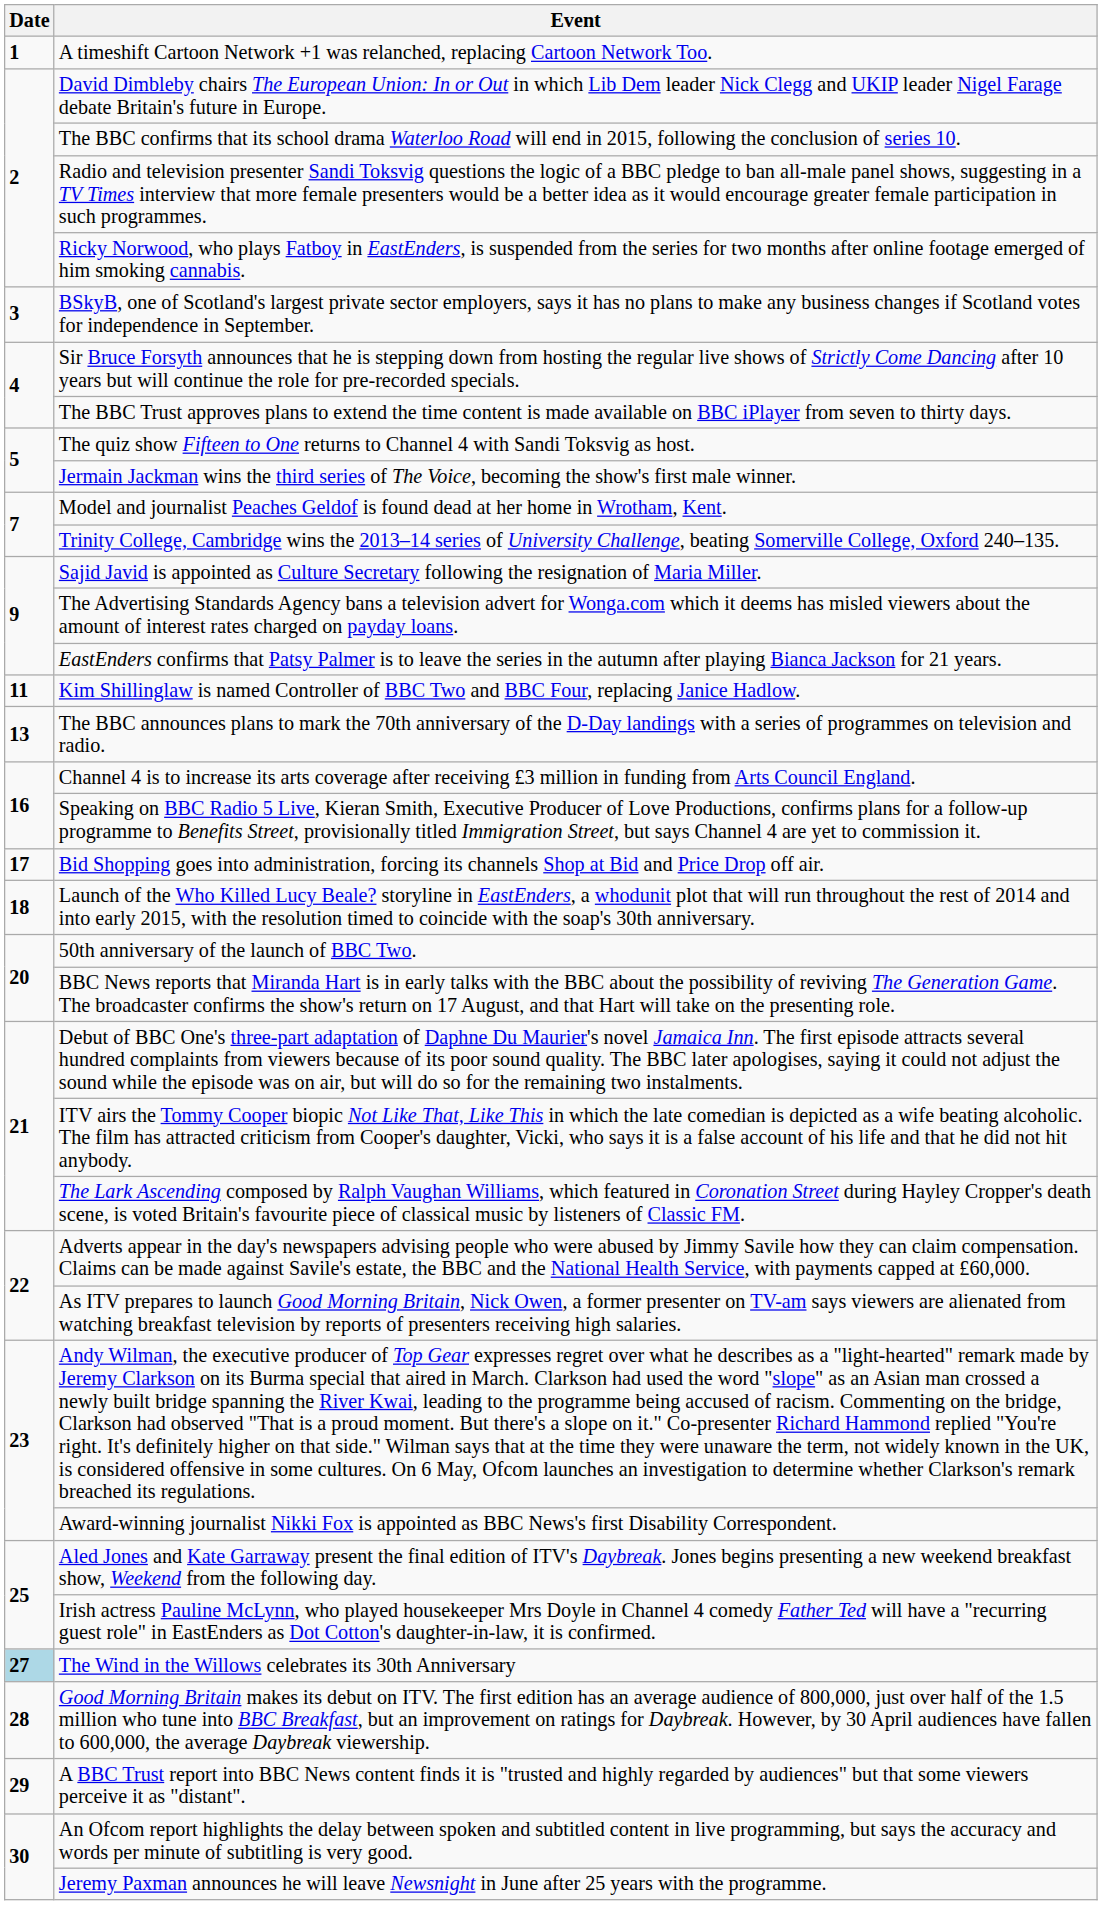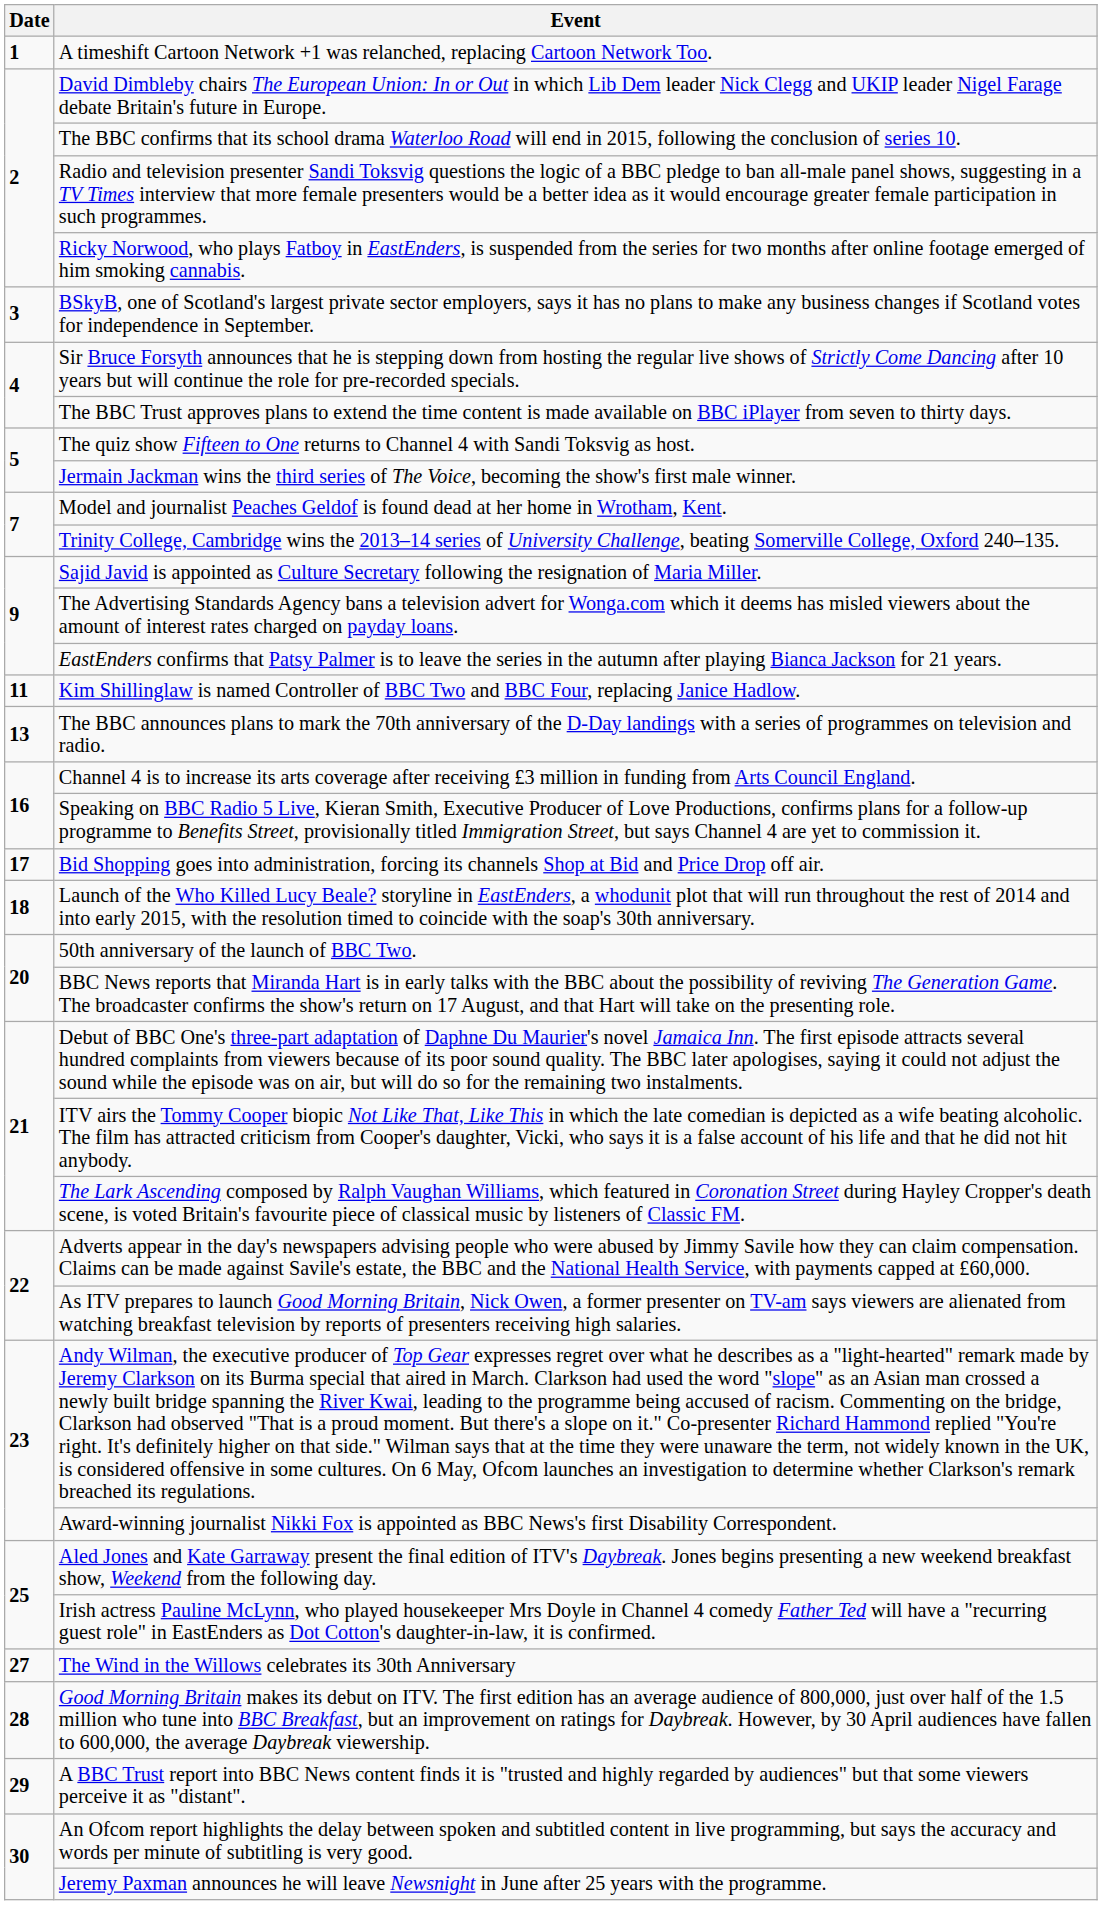 <table class="wikitable">
 <tr>
 <th>Date</th>
 <th>Event</th>
 </tr>
 <tr>
 <td><strong>1</strong></td>
 <td>A timeshift Cartoon Network +1 was relanched, replacing <a href='#'>Cartoon Network Too</a>.</td>
 </tr>
 <tr>
 <td rowspan=4><strong>2</strong></td>
 <td><a href='#'>David Dimbleby</a> chairs <em><a href='#'>The European Union: In or Out</a></em> in which <a href='#'>Lib Dem</a> leader <a href='#'>Nick Clegg</a> and <a href='#'>UKIP</a> leader <a href='#'>Nigel Farage</a> debate Britain's future in Europe.</td>
 </tr>
 <tr>
 <td>The BBC confirms that its school drama <em><a href='#'>Waterloo Road</a></em> will end in 2015, following the conclusion of <a href='#'>series 10</a>.</td>
 </tr>
 <tr>
 <td>Radio and television presenter <a href='#'>Sandi Toksvig</a> questions the logic of a BBC pledge to ban all-male panel shows, suggesting in a <em><a href='#'>TV Times</a></em> interview that more female presenters would be a better idea as it would encourage greater female participation in such programmes.</td>
 </tr>
 <tr>
 <td><a href='#'>Ricky Norwood</a>, who plays <a href='#'>Fatboy</a> in <em><a href='#'>EastEnders</a></em>, is suspended from the series for two months after online footage emerged of him smoking <a href='#'>cannabis</a>.</td>
 </tr>
 <tr>
 <td><strong>3</strong></td>
 <td><a href='#'>BSkyB</a>, one of Scotland's largest private sector employers, says it has no plans to make any business changes if Scotland votes for independence in September.</td>
 </tr>
 <tr>
 <td rowspan=2><strong>4</strong></td>
 <td>Sir <a href='#'>Bruce Forsyth</a> announces that he is stepping down from hosting the regular live shows of <em><a href='#'>Strictly Come Dancing</a></em> after 10 years but will continue the role for pre-recorded specials.</td>
 </tr>
 <tr>
 <td>The BBC Trust approves plans to extend the time content is made available on <a href='#'>BBC iPlayer</a> from seven to thirty days.</td>
 </tr>
 <tr>
 <td rowspan=2><strong>5</strong></td>
 <td>The quiz show <em><a href='#'>Fifteen to One</a></em> returns to Channel 4 with Sandi Toksvig as host.</td>
 </tr>
 <tr>
 <td><a href='#'>Jermain Jackman</a> wins the <a href='#'>third series</a> of <em>The Voice</em>, becoming the show's first male winner.</td>
 </tr>
 <tr>
 <td rowspan=2><strong>7</strong></td>
 <td>Model and journalist <a href='#'>Peaches Geldof</a> is found dead at her home in <a href='#'>Wrotham</a>, <a href='#'>Kent</a>.</td>
 </tr>
 <tr>
 <td><a href='#'>Trinity College, Cambridge</a> wins the <a href='#'>2013–14 series</a> of <em><a href='#'>University Challenge</a></em>, beating <a href='#'>Somerville College, Oxford</a> 240–135.</td>
 </tr>
 <tr>
 <td rowspan=3><strong>9</strong></td>
 <td><a href='#'>Sajid Javid</a> is appointed as <a href='#'>Culture Secretary</a> following the resignation of <a href='#'>Maria Miller</a>.</td>
 </tr>
 <tr>
 <td>The Advertising Standards Agency bans a television advert for <a href='#'>Wonga.com</a> which it deems has misled viewers about the amount of interest rates charged on <a href='#'>payday loans</a>.</td>
 </tr>
 <tr>
 <td><em>EastEnders</em> confirms that <a href='#'>Patsy Palmer</a> is to leave the series in the autumn after playing <a href='#'>Bianca Jackson</a> for 21 years.</td>
 </tr>
 <tr>
 <td><strong>11</strong></td>
 <td><a href='#'>Kim Shillinglaw</a> is named Controller of <a href='#'>BBC Two</a> and <a href='#'>BBC Four</a>, replacing <a href='#'>Janice Hadlow</a>.</td>
 </tr>
 <tr>
 <td><strong>13</strong></td>
 <td>The BBC announces plans to mark the 70th anniversary of the <a href='#'>D-Day landings</a> with a series of programmes on television and radio.</td>
 </tr>
 <tr>
 <td rowspan=2><strong>16</strong></td>
 <td>Channel 4 is to increase its arts coverage after receiving £3 million in funding from <a href='#'>Arts Council England</a>.</td>
 </tr>
 <tr>
 <td>Speaking on <a href='#'>BBC Radio 5 Live</a>, Kieran Smith, Executive Producer of Love Productions, confirms plans for a follow-up programme to <em>Benefits Street</em>, provisionally titled <em>Immigration Street</em>, but says Channel 4 are yet to commission it.</td>
 </tr>
 <tr>
 <td><strong>17</strong></td>
 <td><a href='#'>Bid Shopping</a> goes into administration, forcing its channels <a href='#'>Shop at Bid</a> and <a href='#'>Price Drop</a> off air.</td>
 </tr>
 <tr>
 <td><strong>18</strong></td>
 <td>Launch of the <a href='#'>Who Killed Lucy Beale?</a> storyline in <em><a href='#'>EastEnders</a></em>, a <a href='#'>whodunit</a> plot that will run throughout the rest of 2014 and into early 2015, with the resolution timed to coincide with the soap's 30th anniversary.</td>
 </tr>
 <tr>
 <td rowspan=2><strong>20</strong></td>
 <td>50th anniversary of the launch of <a href='#'>BBC Two</a>.</td>
 </tr>
 <tr>
 <td>BBC News reports that <a href='#'>Miranda Hart</a> is in early talks with the BBC about the possibility of reviving <em><a href='#'>The Generation Game</a></em>. The broadcaster confirms the show's return on 17 August, and that Hart will take on the presenting role.</td>
 </tr>
 <tr>
 <td rowspan=3><strong>21</strong></td>
 <td>Debut of BBC One's <a href='#'>three-part adaptation</a> of <a href='#'>Daphne Du Maurier</a>'s novel <em><a href='#'>Jamaica Inn</a></em>. The first episode attracts several hundred complaints from viewers because of its poor sound quality. The BBC later apologises, saying it could not adjust the sound while the episode was on air, but will do so for the remaining two instalments.</td>
 </tr>
 <tr>
 <td>ITV airs the <a href='#'>Tommy Cooper</a> biopic <em><a href='#'>Not Like That, Like This</a></em> in which the late comedian is depicted as a wife beating alcoholic. The film has attracted criticism from Cooper's daughter, Vicki, who says it is a false account of his life and that he did not hit anybody.</td>
 </tr>
 <tr>
 <td><em><a href='#'>The Lark Ascending</a></em> composed by <a href='#'>Ralph Vaughan Williams</a>, which featured in <em><a href='#'>Coronation Street</a></em> during Hayley Cropper's death scene, is voted Britain's favourite piece of classical music by listeners of <a href='#'>Classic FM</a>.</td>
 </tr>
 <tr>
 <td rowspan=2><strong>22</strong></td>
 <td>Adverts appear in the day's newspapers advising people who were abused by Jimmy Savile how they can claim compensation. Claims can be made against Savile's estate, the BBC and the <a href='#'>National Health Service</a>, with payments capped at £60,000.</td>
 </tr>
 <tr>
 <td>As ITV prepares to launch <em><a href='#'>Good Morning Britain</a></em>, <a href='#'>Nick Owen</a>, a former presenter on <a href='#'>TV-am</a> says viewers are alienated from watching breakfast television by reports of presenters receiving high salaries.</td>
 </tr>
 <tr>
 <td rowspan=2><strong>23</strong></td>
 <td><a href='#'>Andy Wilman</a>, the executive producer of <em><a href='#'>Top Gear</a></em> expresses regret over what he describes as a "light-hearted" remark made by <a href='#'>Jeremy Clarkson</a> on its Burma special that aired in March. Clarkson had used the word "<a href='#'>slope</a>" as an Asian man crossed a newly built bridge spanning the <a href='#'>River Kwai</a>, leading to the programme being accused of racism. Commenting on the bridge, Clarkson had observed "That is a proud moment. But there's a slope on it." Co-presenter <a href='#'>Richard Hammond</a> replied "You're right. It's definitely higher on that side." Wilman says that at the time they were unaware the term, not widely known in the UK, is considered offensive in some cultures. On 6 May, Ofcom launches an investigation to determine whether Clarkson's remark breached its regulations.</td>
 </tr>
 <tr>
 <td>Award-winning journalist <a href='#'>Nikki Fox</a> is appointed as BBC News's first Disability Correspondent.</td>
 </tr>
 <tr>
 <td rowspan=2><strong>25</strong></td>
 <td><a href='#'>Aled Jones</a> and <a href='#'>Kate Garraway</a> present the final edition of ITV's <em><a href='#'>Daybreak</a></em>. Jones begins presenting a new weekend breakfast show, <em><a href='#'>Weekend</a></em> from the following day.</td>
 </tr>
 <tr>
 <td>Irish actress <a href='#'>Pauline McLynn</a>, who played housekeeper Mrs Doyle in Channel 4 comedy <em><a href='#'>Father Ted</a></em> will have a "recurring guest role" in EastEnders as <a href='#'>Dot Cotton</a>'s daughter-in-law, it is confirmed.</td>
 </tr>
 <tr>
-<td style="background: lightblue;"><strong>27</strong></td>
+<td><strong>27</strong></td>
 <td><a href='#'>The Wind in the Willows</a> celebrates its 30th Anniversary</td>
 </tr>
 <tr>
 <td><strong>28</strong></td>
 <td><em><a href='#'>Good Morning Britain</a></em> makes its debut on ITV. The first edition has an average audience of 800,000, just over half of the 1.5 million who tune into <em><a href='#'>BBC Breakfast</a></em>, but an improvement on ratings for <em>Daybreak</em>. However, by 30 April audiences have fallen to 600,000, the average <em>Daybreak</em> viewership.</td>
 </tr>
 <tr>
 <td><strong>29</strong></td>
 <td>A <a href='#'>BBC Trust</a> report into BBC News content finds it is "trusted and highly regarded by audiences" but that some viewers perceive it as "distant".</td>
 </tr>
 <tr>
 <td rowspan=2><strong>30</strong></td>
 <td>An Ofcom report highlights the delay between spoken and subtitled content in live programming, but says the accuracy and words per minute of subtitling is very good.</td>
 </tr>
 <tr>
 <td><a href='#'>Jeremy Paxman</a> announces he will leave <em><a href='#'>Newsnight</a></em> in June after 25 years with the programme.</td>
 </tr>
 </table>
